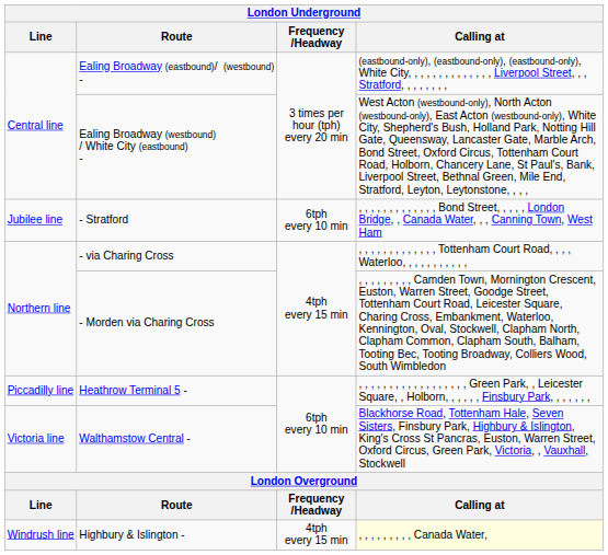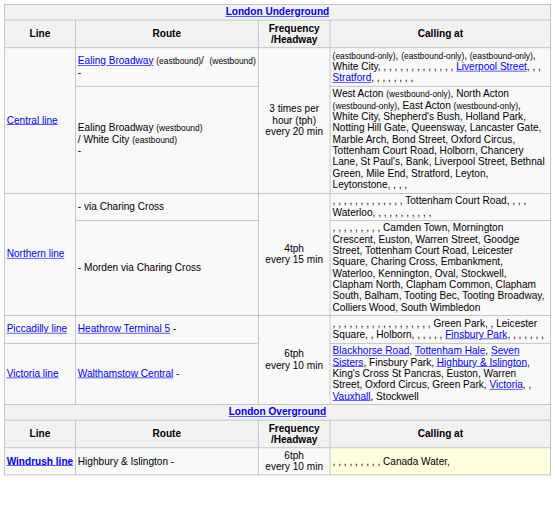 <table class="wikitable">
 <tr>
 <th colspan="4"> <a href='#'>London Underground</a></th>
 </tr>
 <tr>
 <th>Line</th>
 <th>Route</th>
 <th>Frequency<br>/Headway</th>
 <th>Calling at</th>
 </tr>
 <tr>
 <td rowspan="2" style="background:#"><a href='#'><span>Central line</span></a></td>
 <td><a href='#'>Ealing Broadway</a> <small>(eastbound)</small>/  <small>(westbound)</small><br>- </td>
 <td rowspan="2" align="center">3 times per hour (tph) every 20 min</td>
 <td> <small>(eastbound-only)</small>,  <small>(eastbound-only)</small>,  <small>(eastbound-only)</small>, White City, , , , , , , , , , , , , , <a href='#'>Liverpool Street</a>, , , <a href='#'>Stratford</a>, , , , , , , , </td>
 </tr>
 <tr>
 <td>Ealing Broadway <small>(westbound)</small><br>/ White City <small>(eastbound)</small><br>- </td>
 <td>West Acton <small>(westbound-only)</small>, North Acton <small>(westbound-only)</small>, East Acton <small>(westbound-only)</small>, White City, Shepherd's Bush, Holland Park, Notting Hill Gate, Queensway, Lancaster Gate, Marble Arch, Bond Street, Oxford Circus, Tottenham Court Road, Holborn, Chancery Lane, St Paul's, Bank, Liverpool Street, Bethnal Green, Mile End, Stratford, Leyton, Leytonstone, , , , </td>
-</tr>
-<tr>
-<td style="background:#"><a href='#'><span>Jubilee line</span></a></td>
-<td> - Stratford</td>
-<td align="center">6tph<br>every 10 min</td>
-<td>, , , , , , , , , , , , , Bond Street, , , , , <a href='#'>London Bridge</a>, , <a href='#'>Canada Water</a>, , , <a href='#'>Canning Town</a>, <a href='#'>West Ham</a></td>
 </tr>
 <tr>
 <td rowspan="2" style="background:#"><a href='#'><span>Northern line</span></a></td>
 <td> -  via Charing Cross</td>
 <td rowspan="2" align="center">4tph <br>every 15 min</td>
 <td>, , , , , , , , , , , , , Tottenham Court Road, , , , Waterloo, , , , , , , , , , , </td>
 </tr>
 <tr>
 <td> - Morden via Charing Cross</td>
 <td>, , , , , , , , , Camden Town, Mornington Crescent, Euston, Warren Street, Goodge Street, Tottenham Court Road, Leicester Square, Charing Cross, Embankment, Waterloo, Kennington, Oval, Stockwell, Clapham North, Clapham Common, Clapham South, Balham, Tooting Bec, Tooting Broadway, Colliers Wood, South Wimbledon</td>
 </tr>
 <tr>
 <td style="background:#"><a href='#'><span>Piccadilly line</span></a></td>
 <td><a href='#'>Heathrow Terminal 5</a> - </td>
 <td rowspan="2" align="center">6tph <br>every 10 min</td>
 <td>, , , , , , , , , , , , , , , , , , Green Park, , Leicester Square, , Holborn, , , , , , <a href='#'>Finsbury Park</a>, , , , , , , </td>
 </tr>
 <tr>
 <td style="background:#"><a href='#'><span>Victoria line</span></a></td>
 <td><a href='#'>Walthamstow Central</a> - </td>
 <td><a href='#'>Blackhorse Road</a>, <a href='#'>Tottenham Hale</a>, <a href='#'>Seven Sisters</a>, Finsbury Park, <a href='#'>Highbury & Islington</a>, King's Cross St Pancras, Euston, Warren Street, Oxford Circus, Green Park, <a href='#'>Victoria</a>, , <a href='#'>Vauxhall</a>, Stockwell</td>
 </tr>
 <tr>
 <th colspan="4"> <a href='#'>London Overground</a></th>
 </tr>
 <tr>
 <th>Line</th>
 <th>Route</th>
 <th>Frequency<br>/Headway</th>
 <th>Calling at</th>
 </tr>
 <tr>
-<td style="background:#"><a href='#'><span>Windrush line</span></a></td>
+<td style="background:#"><strong><a href='#'><span>Windrush line</span></a></strong></td>
 <td>Highbury & Islington - </td>
-<td align="center">4tph<br>every 15 min</td>
+<td align="center">6tph<br>every 10 min</td>
 <td style="background: lightyellow;">, , , , , , , , , Canada Water, </td>
 </tr>
 </table>
